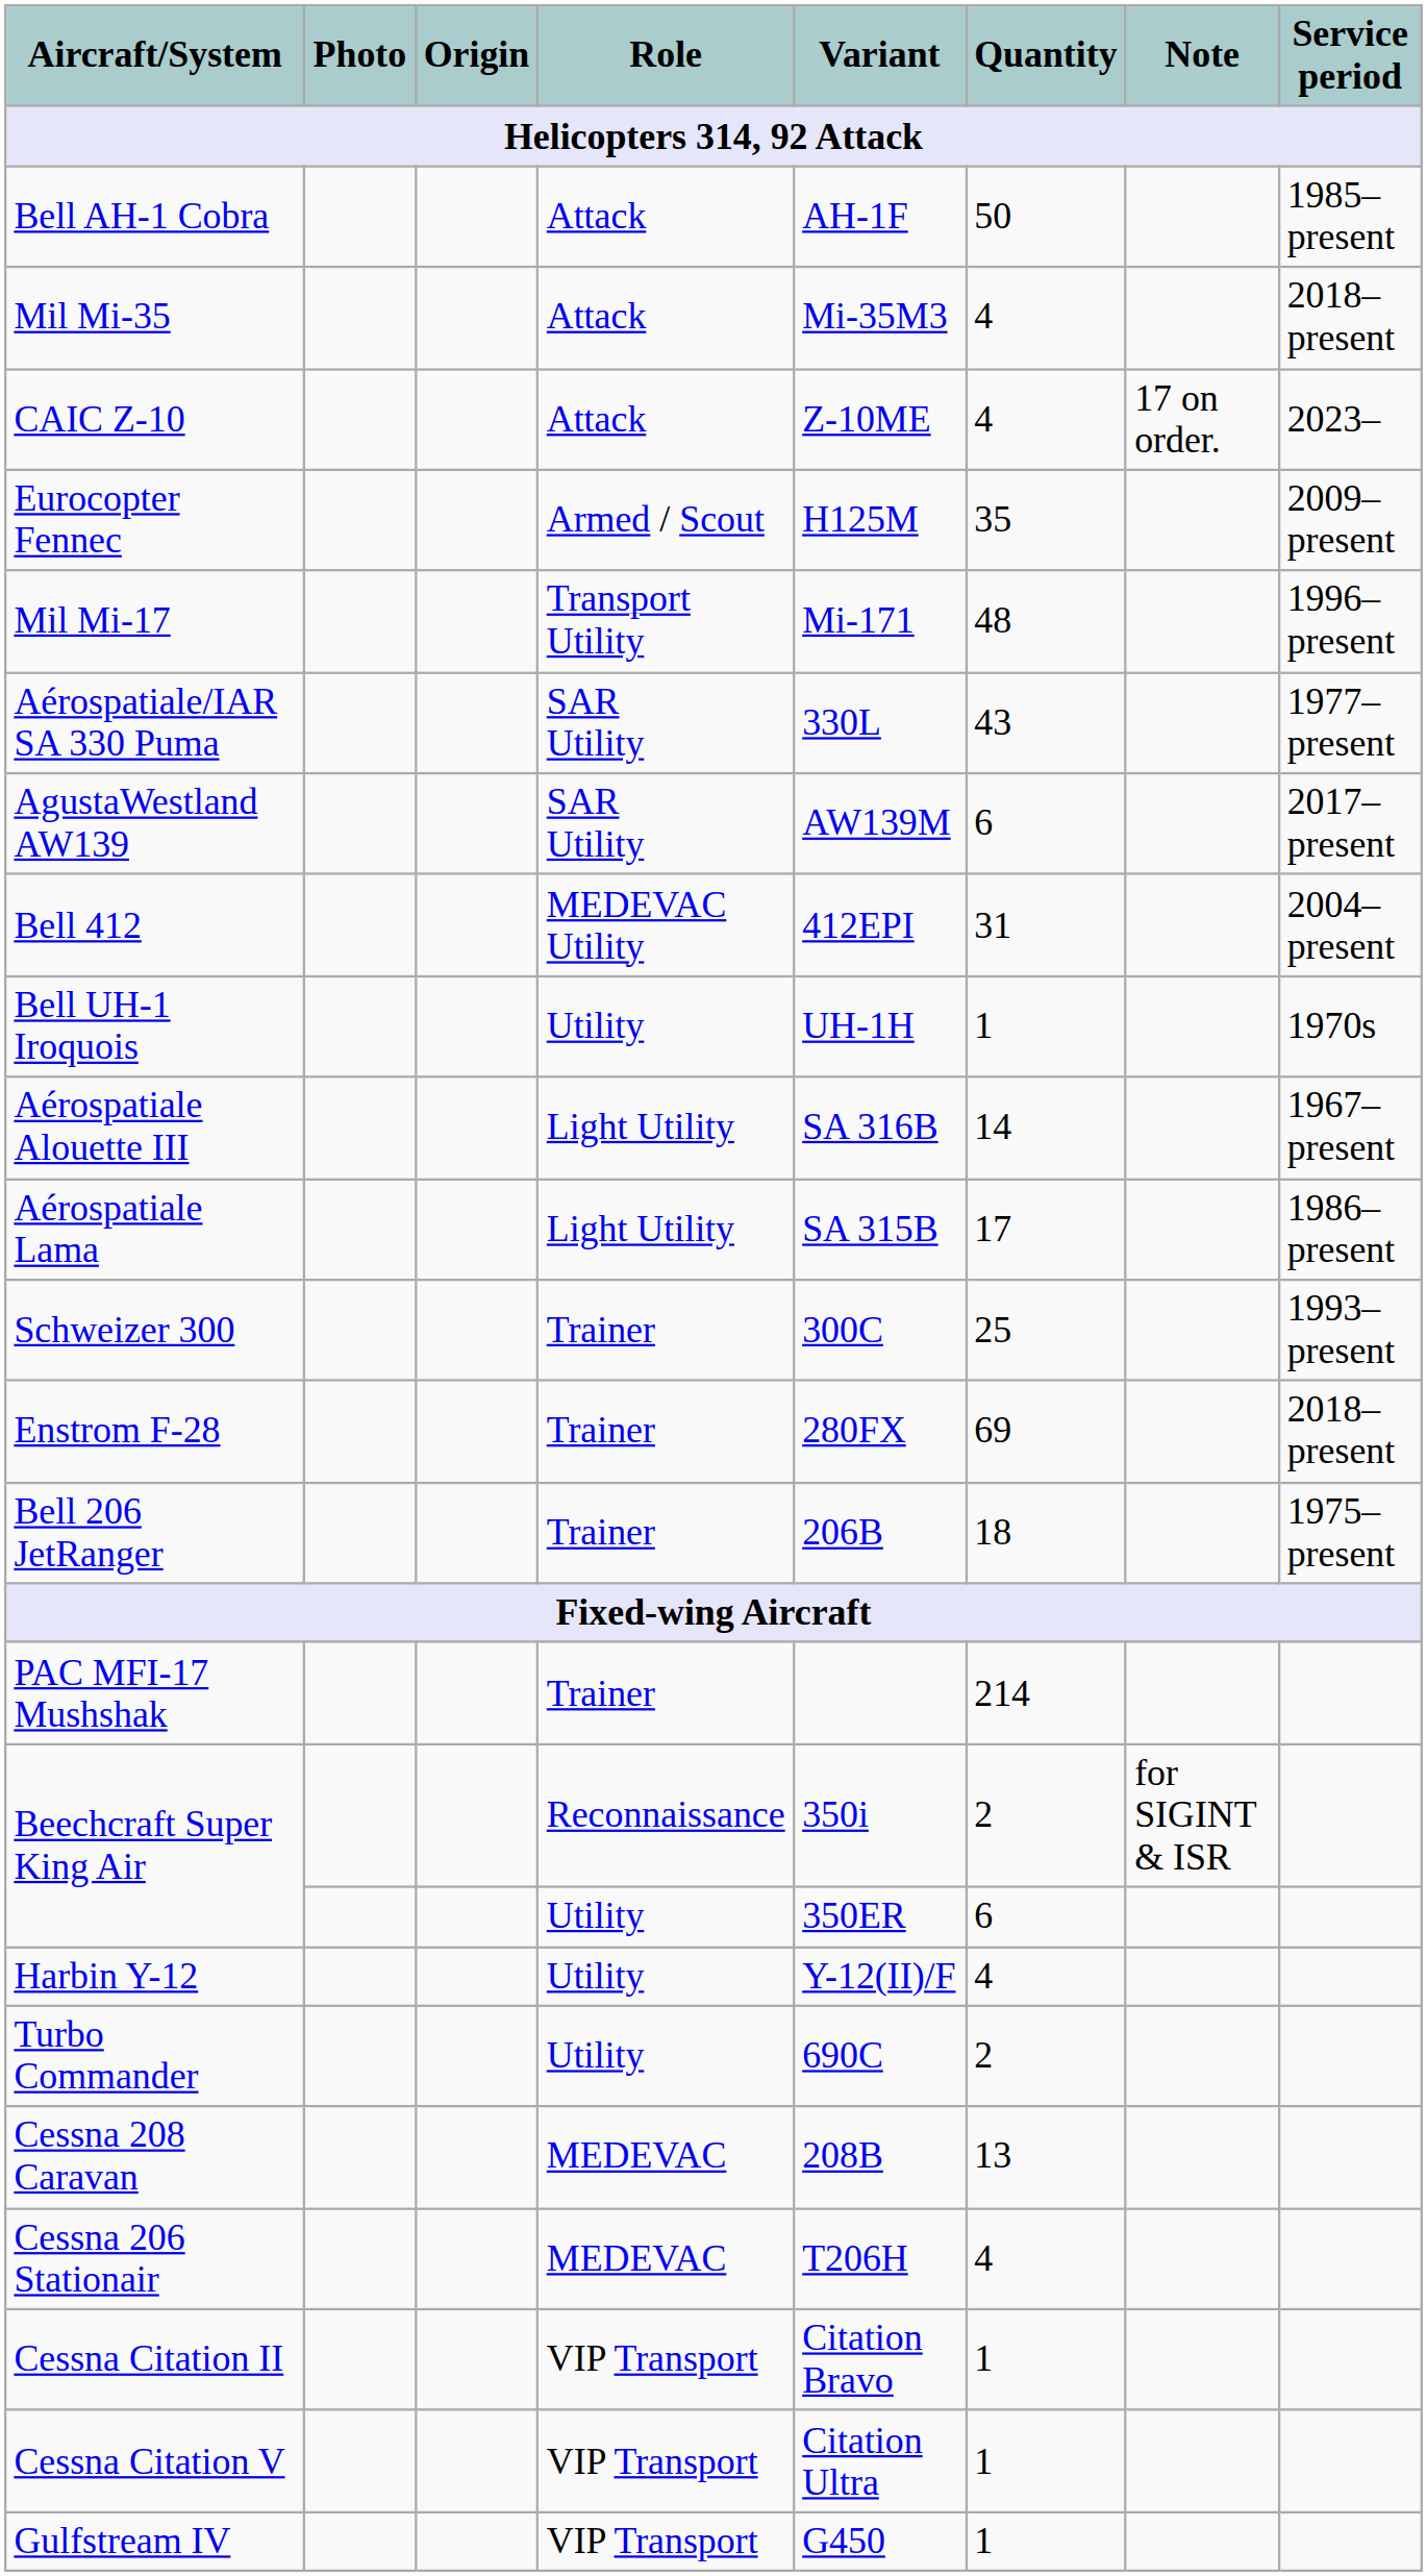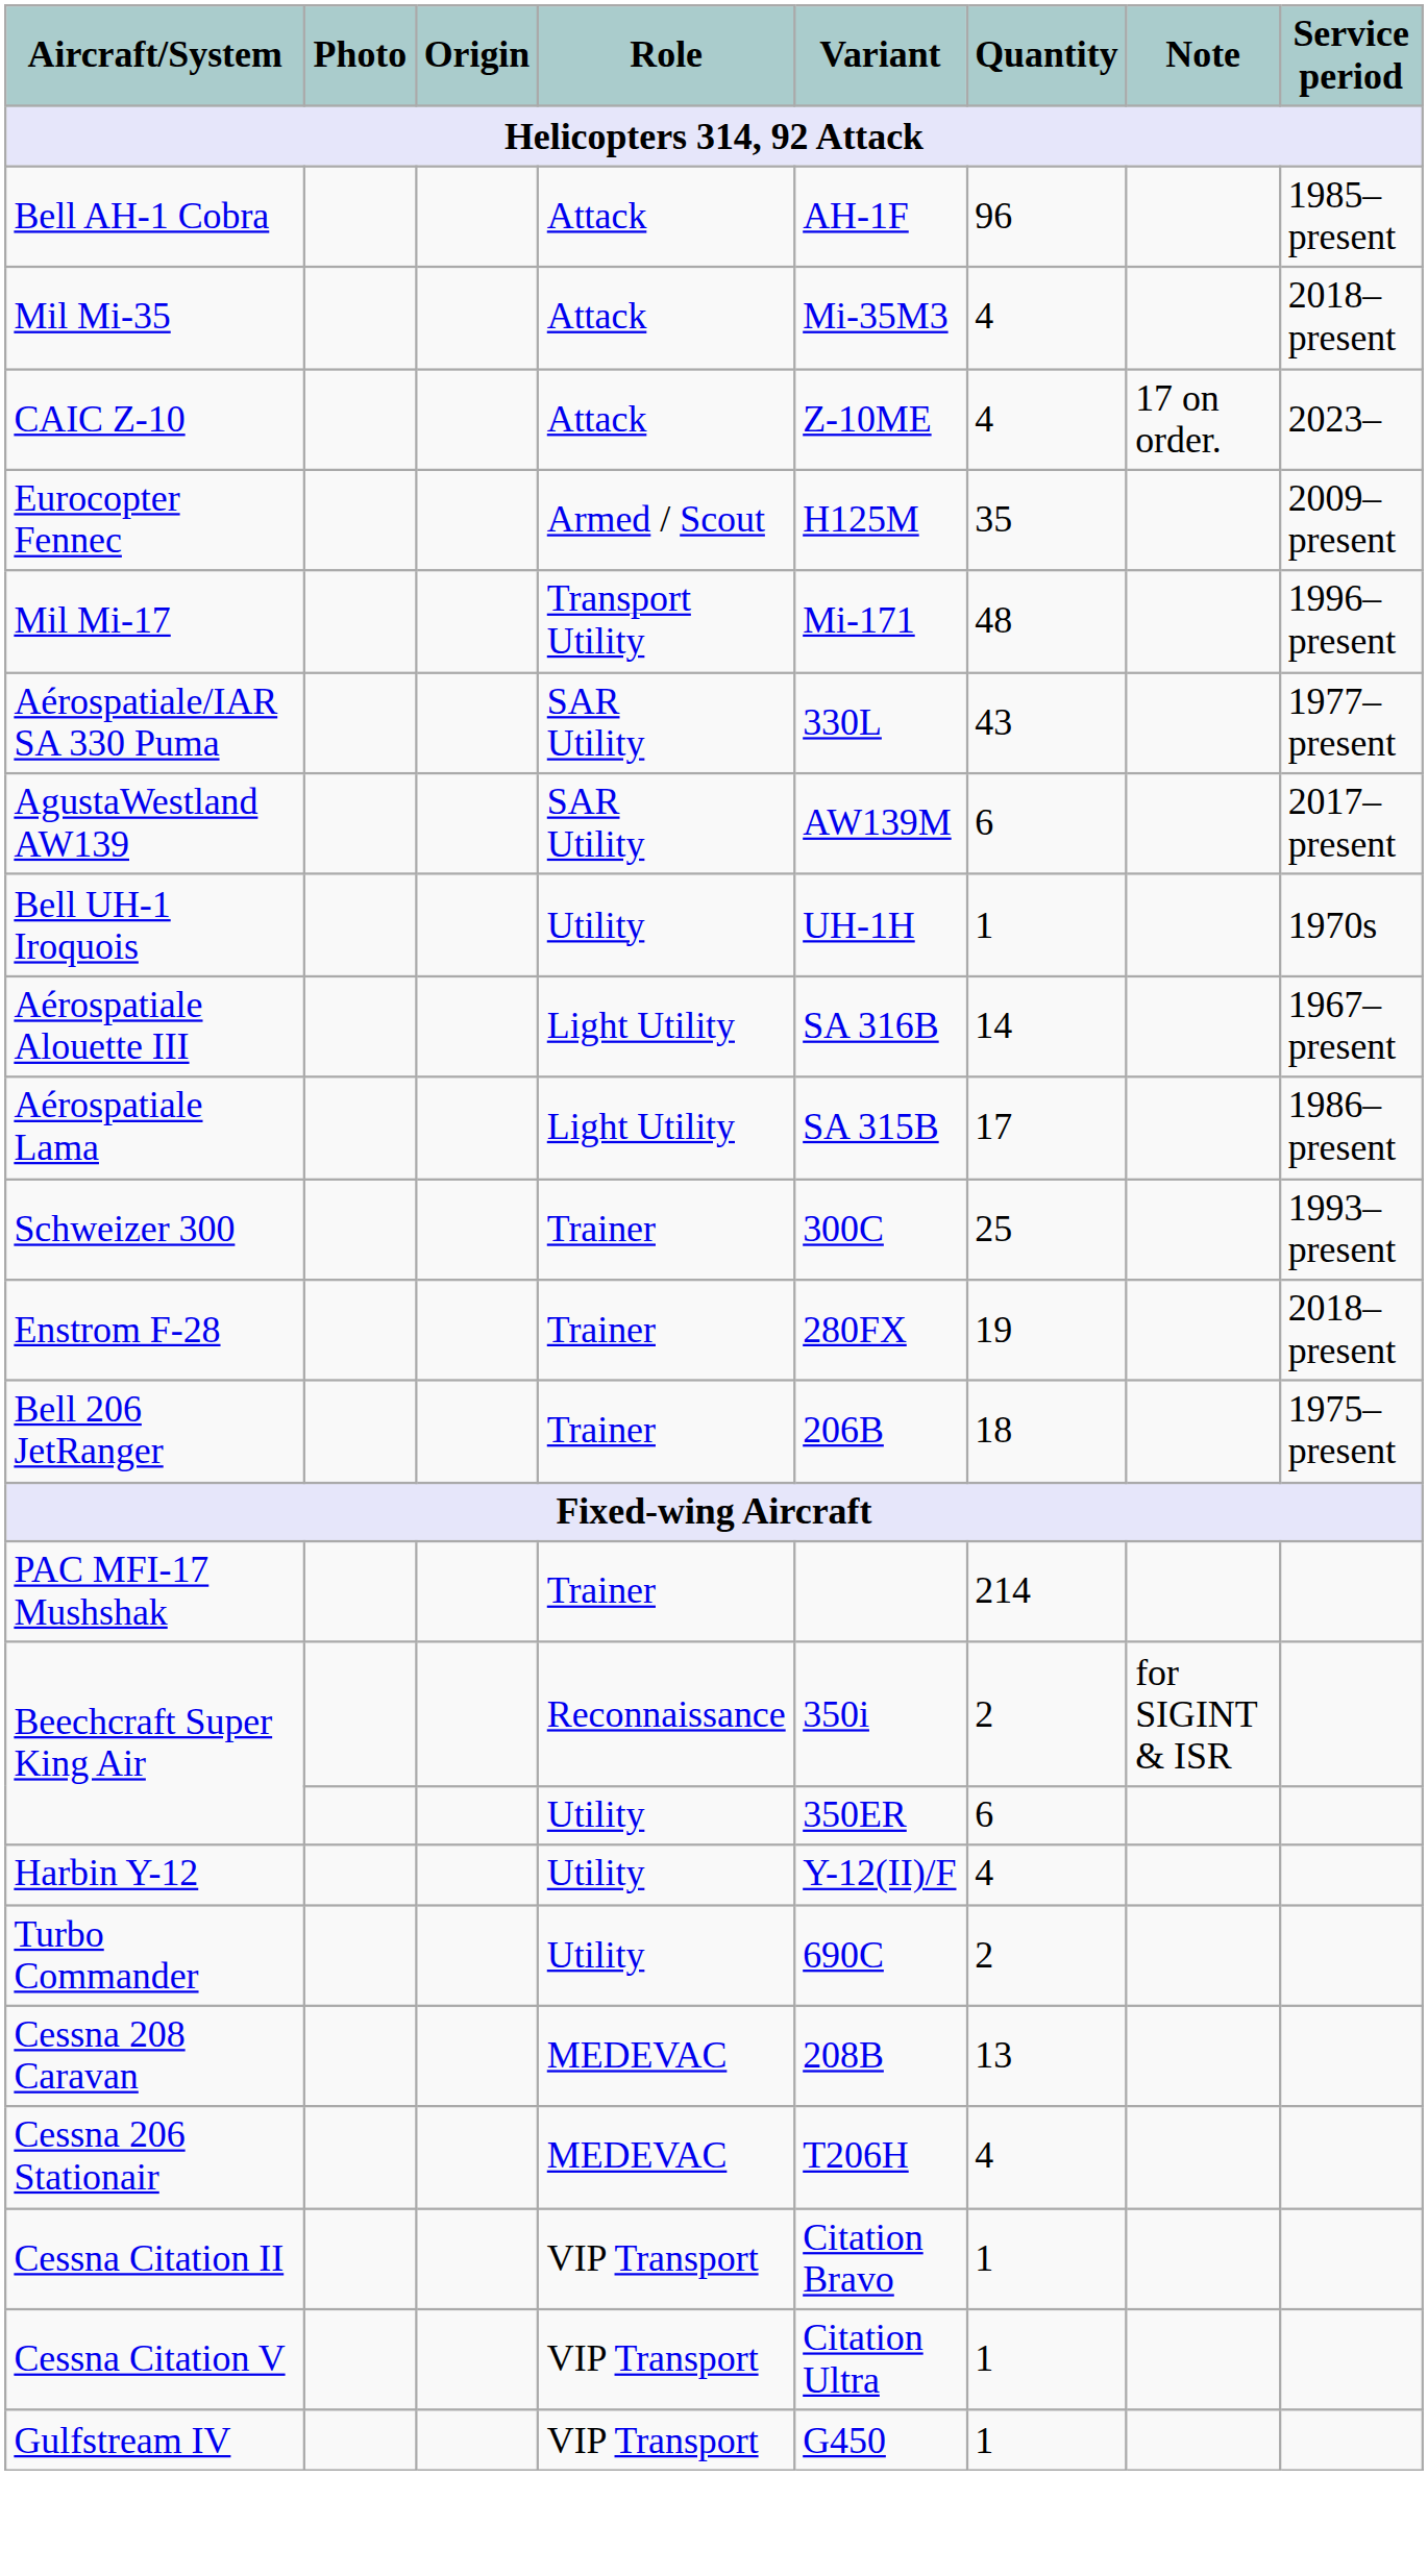 <table class="wikitable">
 <tr>
 <th style="color:black; background:#acc;">Aircraft/System</th>
 <th style="color:black; background:#acc;">Photo</th>
 <th style="color:black; background:#acc;">Origin</th>
 <th style="color:black; background:#acc;">Role</th>
 <th style="color:black; background:#acc;">Variant</th>
 <th style="color:black; background:#acc;">Quantity</th>
 <th style="color:black; background:#acc;">Note</th>
 <th style="color:black; background:#acc;'">Service period</th>
 </tr>
 <tr>
 <th style="align: center; background: lavender;" colspan="8">Helicopters 314,  92 Attack</th>
 </tr>
 <tr>
 <td><a href='#'>Bell AH-1 Cobra</a></td>
 <td></td>
 <td></td>
 <td><a href='#'>Attack</a></td>
 <td><a href='#'>AH-1F</a></td>
-<td>50</td>
+<td>96</td>
 <td></td>
 <td>1985–present</td>
 </tr>
 <tr>
 <td><a href='#'>Mil Mi-35</a></td>
 <td></td>
 <td></td>
 <td><a href='#'>Attack</a></td>
 <td><a href='#'>Mi-35M3</a></td>
 <td>4</td>
 <td></td>
 <td>2018–present</td>
 </tr>
 <tr>
 <td><a href='#'>CAIC Z-10</a></td>
 <td></td>
 <td></td>
 <td><a href='#'>Attack</a></td>
 <td><a href='#'>Z-10ME</a></td>
 <td>4</td>
 <td>17 on order.</td>
 <td>2023–</td>
 </tr>
 <tr>
 <td><a href='#'>Eurocopter Fennec</a></td>
 <td></td>
 <td></td>
 <td><a href='#'>Armed</a> / <a href='#'>Scout</a></td>
 <td><a href='#'>H125M</a></td>
 <td>35</td>
 <td></td>
 <td>2009–present</td>
 </tr>
 <tr>
 <td><a href='#'>Mil Mi-17</a></td>
 <td></td>
 <td></td>
 <td><a href='#'>Transport</a><br><a href='#'>Utility</a></td>
 <td><a href='#'>Mi-171</a></td>
 <td>48</td>
 <td></td>
 <td>1996–present</td>
 </tr>
 <tr>
 <td><a href='#'>Aérospatiale/IAR SA 330 Puma</a></td>
 <td></td>
 <td><br></td>
 <td><a href='#'>SAR</a><br><a href='#'>Utility</a></td>
 <td><a href='#'>330L</a></td>
 <td>43</td>
 <td></td>
 <td>1977–present</td>
 </tr>
 <tr>
 <td><a href='#'>AgustaWestland AW139</a></td>
 <td></td>
 <td></td>
 <td><a href='#'>SAR</a><br><a href='#'>Utility</a></td>
 <td><a href='#'>AW139M</a></td>
 <td>6</td>
 <td></td>
 <td>2017–present</td>
 </tr>
 <tr>
-<td><a href='#'>Bell 412</a></td>
-<td></td>
-<td></td>
-<td><a href='#'>MEDEVAC</a><br><a href='#'>Utility</a></td>
-<td><a href='#'>412EPI</a></td>
-<td>31</td>
-<td></td>
-<td>2004–present</td>
-</tr>
-<tr>
 <td><a href='#'>Bell UH-1 Iroquois</a></td>
 <td></td>
 <td></td>
 <td><a href='#'>Utility</a></td>
 <td><a href='#'>UH-1H</a></td>
 <td>1</td>
 <td></td>
 <td>1970s</td>
 </tr>
 <tr>
 <td><a href='#'>Aérospatiale Alouette III</a></td>
 <td></td>
 <td></td>
 <td><a href='#'>Light Utility</a></td>
 <td><a href='#'>SA 316B</a></td>
 <td>14</td>
 <td></td>
 <td>1967–present</td>
 </tr>
 <tr>
 <td><a href='#'>Aérospatiale Lama</a></td>
 <td></td>
 <td></td>
 <td><a href='#'>Light Utility</a></td>
 <td><a href='#'>SA 315B</a></td>
 <td>17</td>
 <td></td>
 <td>1986–present</td>
 </tr>
 <tr>
 <td><a href='#'>Schweizer 300</a></td>
 <td></td>
 <td></td>
 <td><a href='#'>Trainer</a></td>
 <td><a href='#'>300C</a></td>
 <td>25</td>
 <td></td>
 <td>1993–present</td>
 </tr>
 <tr>
 <td><a href='#'>Enstrom F-28</a></td>
 <td></td>
 <td></td>
 <td><a href='#'>Trainer</a></td>
 <td><a href='#'>280FX</a></td>
-<td>69</td>
+<td>19</td>
 <td></td>
 <td>2018–present</td>
 </tr>
 <tr>
 <td><a href='#'>Bell 206 JetRanger</a></td>
 <td></td>
 <td></td>
 <td><a href='#'>Trainer</a></td>
 <td><a href='#'>206B</a></td>
 <td>18</td>
 <td></td>
 <td>1975–present</td>
 </tr>
 <tr>
 <th colspan="8" style="align: center; background: lavender;">Fixed-wing Aircraft</th>
 </tr>
 <tr>
 <td><a href='#'>PAC MFI-17 Mushshak</a></td>
 <td></td>
 <td><br></td>
 <td><a href='#'>Trainer</a></td>
 <td></td>
 <td>214</td>
 <td></td>
 <td></td>
 </tr>
 <tr>
 <td rowspan="2"><a href='#'>Beechcraft Super King Air</a></td>
 <td></td>
 <td></td>
 <td><a href='#'>Reconnaissance</a></td>
 <td><a href='#'>350i</a></td>
 <td>2</td>
 <td>for SIGINT & ISR</td>
 <td></td>
 </tr>
 <tr>
 <td></td>
 <td></td>
 <td><a href='#'>Utility</a></td>
 <td><a href='#'>350ER</a></td>
 <td>6</td>
 <td></td>
 <td></td>
 </tr>
 <tr>
 <td><a href='#'>Harbin Y-12</a></td>
 <td></td>
 <td></td>
 <td><a href='#'>Utility</a></td>
 <td><a href='#'>Y-12(II)/F</a></td>
 <td>4</td>
 <td></td>
 <td></td>
 </tr>
 <tr>
 <td><a href='#'>Turbo Commander</a></td>
 <td></td>
 <td></td>
 <td><a href='#'>Utility</a></td>
 <td><a href='#'>690C</a></td>
 <td>2</td>
 <td></td>
 <td></td>
 </tr>
 <tr>
 <td><a href='#'>Cessna 208 Caravan</a></td>
 <td></td>
 <td></td>
 <td><a href='#'>MEDEVAC</a><br></td>
 <td><a href='#'>208B</a></td>
 <td>13</td>
 <td></td>
 <td></td>
 </tr>
 <tr>
 <td><a href='#'>Cessna 206 Stationair</a></td>
 <td></td>
 <td></td>
 <td><a href='#'>MEDEVAC</a></td>
 <td><a href='#'>T206H</a></td>
 <td>4</td>
 <td></td>
 <td></td>
 </tr>
 <tr>
 <td><a href='#'>Cessna Citation II</a></td>
 <td></td>
 <td></td>
 <td>VIP <a href='#'>Transport</a></td>
 <td><a href='#'>Citation Bravo</a></td>
 <td>1</td>
 <td></td>
 <td></td>
 </tr>
 <tr>
 <td><a href='#'>Cessna Citation V</a></td>
 <td></td>
 <td></td>
 <td>VIP <a href='#'>Transport</a></td>
 <td><a href='#'>Citation Ultra</a></td>
 <td>1</td>
 <td></td>
 <td></td>
 </tr>
 <tr>
 <td><a href='#'>Gulfstream IV</a></td>
 <td></td>
 <td></td>
 <td>VIP <a href='#'>Transport</a></td>
 <td><a href='#'>G450</a></td>
 <td>1</td>
 <td></td>
 <td></td>
 </tr>
 </table>
